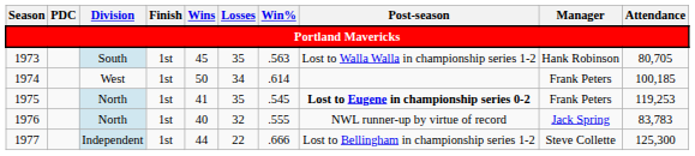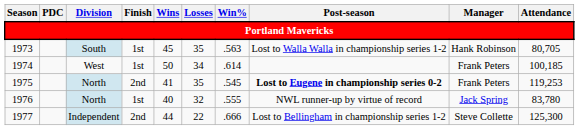 <table class="wikitable" style="text-align:center; font-size:95%">
 <tr>
 <th scope="col">Season</th>
 <th scope="col">PDC</th>
 <th scope="col"><a href='#'>Division</a></th>
 <th scope="col">Finish</th>
 <th scope="col"><a href='#'>Wins</a></th>
 <th scope="col"><a href='#'>Losses</a></th>
 <th scope="col"><a href='#'>Win%</a></th>
 <th scope="col">Post-season</th>
 <th scope="col">Manager</th>
 <th scope="col">Attendance</th>
 </tr>
 <tr>
 <td align="center" colspan="11" style="background: red; color: white; border:2px solid black"><strong>Portland Mavericks</strong></td>
 </tr>
 <tr>
 <td>1973</td>
 <td></td>
 <td bgcolor="#Dr0E7FF">South</td>
 <td>1st</td>
 <td>45</td>
 <td>35</td>
 <td>.563</td>
 <td>Lost to <a href='#'>Walla Walla</a> in championship series 1-2</td>
 <td>Hank Robinson</td>
 <td>80,705</td>
 </tr>
 <tr>
 <td>1974</td>
 <td></td>
 <td>West</td>
 <td>1st</td>
 <td>50</td>
 <td>34</td>
 <td>.614</td>
 <td></td>
 <td>Frank Peters</td>
 <td>100,185</td>
 </tr>
 <tr>
 <td>1975</td>
 <td></td>
 <td bgcolor="#Dr0E7FF">North</td>
-<td>1st</td>
+<td>2nd</td>
 <td>41</td>
 <td>35</td>
 <td>.545</td>
 <td><strong>Lost to <a href='#'>Eugene</a> in championship series 0-2</strong></td>
 <td>Frank Peters</td>
 <td>119,253</td>
 </tr>
 <tr>
 <td>1976</td>
 <td></td>
 <td bgcolor="#Dr0E7FF">North</td>
 <td>1st</td>
 <td>40</td>
 <td>32</td>
 <td>.555</td>
 <td>NWL runner-up by virtue of record</td>
 <td><a href='#'>Jack Spring</a></td>
-<td>83,783</td>
+<td>83,780</td>
 </tr>
 <tr>
 <td>1977</td>
 <td></td>
 <td bgcolor="#Dr0E7FF">Independent</td>
-<td>1st</td>
+<td>2nd</td>
 <td>44</td>
 <td>22</td>
 <td>.666</td>
 <td>Lost to <a href='#'>Bellingham</a> in championship series 1-2</td>
 <td>Steve Collette</td>
 <td>125,300</td>
 </tr>
 </table>
